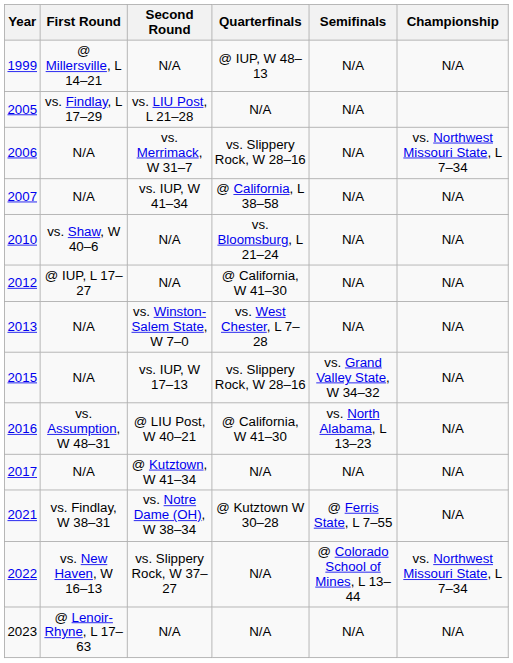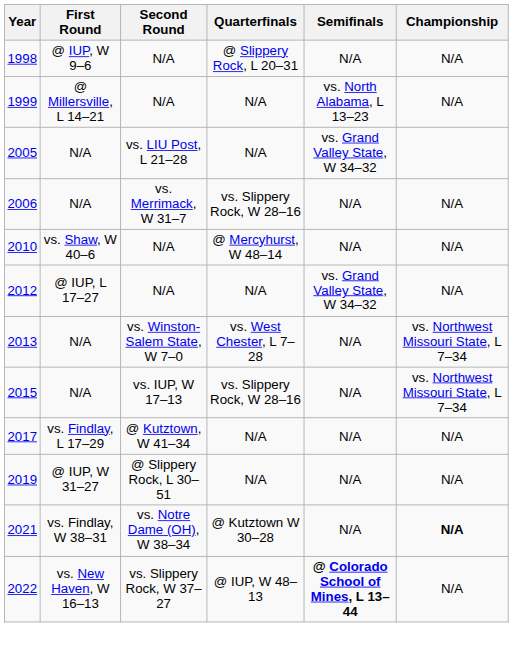 <table class="wikitable" style="text-align:center">
 <tr>
 <th>Year</th>
 <th>First Round</th>
 <th>Second Round</th>
 <th>Quarterfinals</th>
 <th>Semifinals</th>
 <th>Championship</th>
 </tr>
 <tr>
-<td><a href='#'>1999</a></td>
-<td>@ <a href='#'>Millersville</a>, L 14–21</td>
+<td><a href='#'>1998</a></td>
+<td>@ <a href='#'>IUP</a>, W 9–6</td>
 <td>N/A</td>
-<td>@ IUP, W 48–13</td>
+<td>@ <a href='#'>Slippery Rock</a>, L 20–31</td>
 <td>N/A</td>
 <td>N/A</td>
 </tr>
 <tr>
+<td><a href='#'>1999</a></td>
+<td>@ <a href='#'>Millersville</a>, L 14–21</td>
+<td>N/A</td>
+<td>N/A</td>
+<td>vs. <a href='#'>North Alabama</a>, L 13–23</td>
+<td>N/A</td>
+</tr>
+<tr>
 <td><a href='#'>2005</a></td>
-<td>vs. <a href='#'>Findlay</a>, L 17–29</td>
+<td>N/A</td>
 <td>vs. <a href='#'>LIU Post</a>, L 21–28</td>
 <td>N/A</td>
-<td>N/A</td>
+<td>vs. <a href='#'>Grand Valley State</a>, W 34–32</td>
 </tr>
 <tr>
 <td><a href='#'>2006</a></td>
 <td>N/A</td>
 <td>vs. <a href='#'>Merrimack</a>, W 31–7</td>
 <td>vs. Slippery Rock, W 28–16</td>
 <td>N/A</td>
-<td>vs. <a href='#'>Northwest Missouri State</a>, L 7–34</td>
-</tr>
-<tr>
-<td><a href='#'>2007</a></td>
-<td>N/A</td>
-<td>vs. IUP, W 41–34</td>
-<td>@ <a href='#'>California</a>, L 38–58</td>
-<td>N/A</td>
 <td>N/A</td>
 </tr>
 <tr>
 <td><a href='#'>2010</a></td>
 <td>vs. <a href='#'>Shaw</a>, W 40–6</td>
 <td>N/A</td>
-<td>vs. <a href='#'>Bloomsburg</a>, L 21–24</td>
+<td>@ <a href='#'>Mercyhurst</a>, W 48–14</td>
 <td>N/A</td>
 <td>N/A</td>
 </tr>
 <tr>
 <td><a href='#'>2012</a></td>
 <td>@ IUP, L 17–27</td>
 <td>N/A</td>
-<td>@ California, W 41–30</td>
 <td>N/A</td>
+<td>vs. <a href='#'>Grand Valley State</a>, W 34–32</td>
 <td>N/A</td>
 </tr>
 <tr>
 <td><a href='#'>2013</a></td>
 <td>N/A</td>
 <td>vs. <a href='#'>Winston-Salem State</a>, W 7–0</td>
 <td>vs. <a href='#'>West Chester</a>, L 7–28</td>
 <td>N/A</td>
-<td>N/A</td>
+<td>vs. <a href='#'>Northwest Missouri State</a>, L 7–34</td>
 </tr>
 <tr>
 <td><a href='#'>2015</a></td>
 <td>N/A</td>
 <td>vs. IUP, W 17–13</td>
 <td>vs. Slippery Rock, W 28–16</td>
-<td>vs. <a href='#'>Grand Valley State</a>, W 34–32</td>
+<td>N/A</td>
+<td>vs. <a href='#'>Northwest Missouri State</a>, L 7–34</td>
+</tr>
+<tr>
+<td><a href='#'>2017</a></td>
+<td>vs. <a href='#'>Findlay</a>, L 17–29</td>
+<td>@ <a href='#'>Kutztown</a>, W 41–34</td>
+<td>N/A</td>
+<td>N/A</td>
 <td>N/A</td>
 </tr>
 <tr>
-<td><a href='#'>2016</a></td>
-<td>vs. <a href='#'>Assumption</a>, W 48–31</td>
-<td>@ LIU Post, W 40–21</td>
-<td>@ California, W 41–30</td>
-<td>vs. <a href='#'>North Alabama</a>, L 13–23</td>
-<td>N/A</td>
-</tr>
-<tr>
-<td><a href='#'>2017</a></td>
-<td>N/A</td>
-<td>@ <a href='#'>Kutztown</a>, W 41–34</td>
+<td><a href='#'>2019</a></td>
+<td>@ IUP, W 31–27</td>
+<td>@ Slippery Rock, L 30–51</td>
 <td>N/A</td>
 <td>N/A</td>
 <td>N/A</td>
 </tr>
 <tr>
 <td><a href='#'>2021</a></td>
 <td>vs. Findlay, W 38–31</td>
 <td>vs. <a href='#'>Notre Dame (OH)</a>, W 38–34</td>
 <td>@ Kutztown W 30–28</td>
-<td>@ <a href='#'>Ferris State</a>, L 7–55</td>
 <td>N/A</td>
+<td><strong>N/A</strong></td>
 </tr>
 <tr>
 <td><a href='#'>2022</a></td>
 <td>vs. <a href='#'>New Haven</a>, W 16–13</td>
 <td>vs. Slippery Rock, W 37–27</td>
-<td>N/A</td>
-<td>@ <a href='#'>Colorado School of Mines</a>, L 13–44</td>
-<td>vs. <a href='#'>Northwest Missouri State</a>, L 7–34</td>
-</tr>
-<tr>
-<td>2023</td>
-<td>@ <a href='#'>Lenoir-Rhyne</a>, L 17–63</td>
-<td>N/A</td>
-<td>N/A</td>
-<td>N/A</td>
+<td>@ IUP, W 48–13</td>
+<td><strong>@ <a href='#'>Colorado School of Mines</a>, L 13–44</strong></td>
 <td>N/A</td>
 </tr>
 </table>
